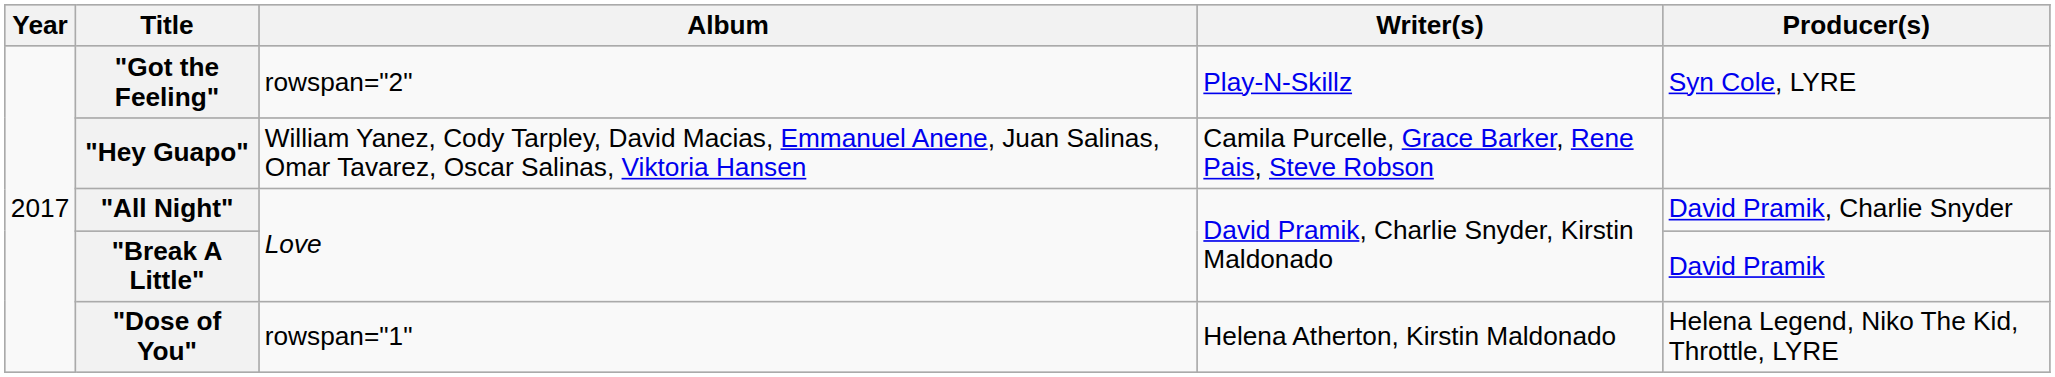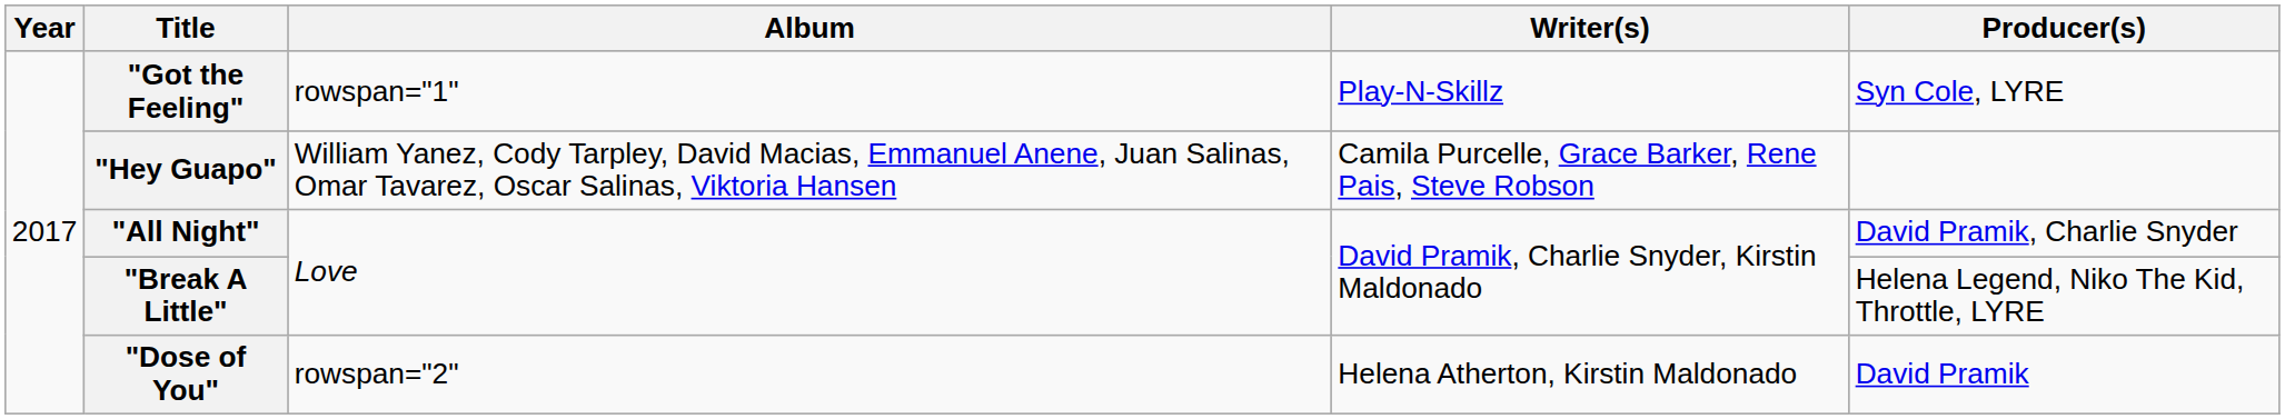 <table class="wikitable plainrowheaders" style="text-align:left;">
 <tr>
 <th rowspan="1" scope="col">Year</th>
 <th rowspan="1" scope="col">Title</th>
 <th rowspan="1" scope="col">Album</th>
 <th rowspan="1" scope="col">Writer(s)</th>
 <th rowspan="1" scope="col">Producer(s)</th>
 </tr>
 <tr>
 <td rowspan="5">2017</td>
 <th scope="row">"Got the Feeling" </th>
-<td>rowspan="2"</td>
+<td>rowspan="1"</td>
 <td><a href='#'>Play-N-Skillz</a></td>
 <td><a href='#'>Syn Cole</a>, LYRE</td>
 </tr>
 <tr>
 <th scope="row">"Hey Guapo" </th>
 <td>William Yanez, Cody Tarpley, David Macias, <a href='#'>Emmanuel Anene</a>, Juan Salinas, Omar Tavarez, Oscar Salinas, <a href='#'>Viktoria Hansen</a></td>
 <td>Camila Purcelle, <a href='#'>Grace Barker</a>, <a href='#'>Rene Pais</a>, <a href='#'>Steve Robson</a></td>
 </tr>
 <tr>
 <th scope="row">"All Night"</th>
 <td rowspan="2"><em>Love</em></td>
 <td rowspan="2"><a href='#'>David Pramik</a>, Charlie Snyder, Kirstin Maldonado</td>
 <td><a href='#'>David Pramik</a>, Charlie Snyder</td>
 </tr>
 <tr>
 <th scope="row">"Break A Little"</th>
-<td><a href='#'>David Pramik</a></td>
+<td>Helena Legend, Niko The Kid, Throttle, LYRE</td>
 </tr>
 <tr>
 <th scope="row">"Dose of You" </th>
-<td>rowspan="1"</td>
+<td>rowspan="2"</td>
 <td>Helena Atherton, Kirstin Maldonado</td>
-<td>Helena Legend, Niko The Kid, Throttle, LYRE</td>
+<td><a href='#'>David Pramik</a></td>
 </tr>
 </table>
